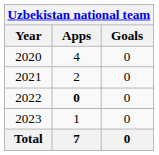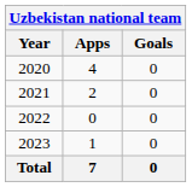 <table class="wikitable" style="text-align:center">
 <tr>
 <th colspan=3><a href='#'>Uzbekistan national team</a></th>
 </tr>
 <tr>
 <th>Year</th>
 <th>Apps</th>
 <th>Goals</th>
 </tr>
 <tr>
 <td>2020</td>
 <td>4</td>
 <td>0</td>
 </tr>
 <tr>
 <td>2021</td>
 <td>2</td>
 <td>0</td>
 </tr>
 <tr>
 <td>2022</td>
-<td><strong>0</strong></td>
+<td>0</td>
 <td>0</td>
 </tr>
 <tr>
 <td>2023</td>
 <td>1</td>
 <td>0</td>
 </tr>
 <tr>
 <th>Total</th>
 <th>7</th>
 <th>0</th>
 </tr>
 </table>
